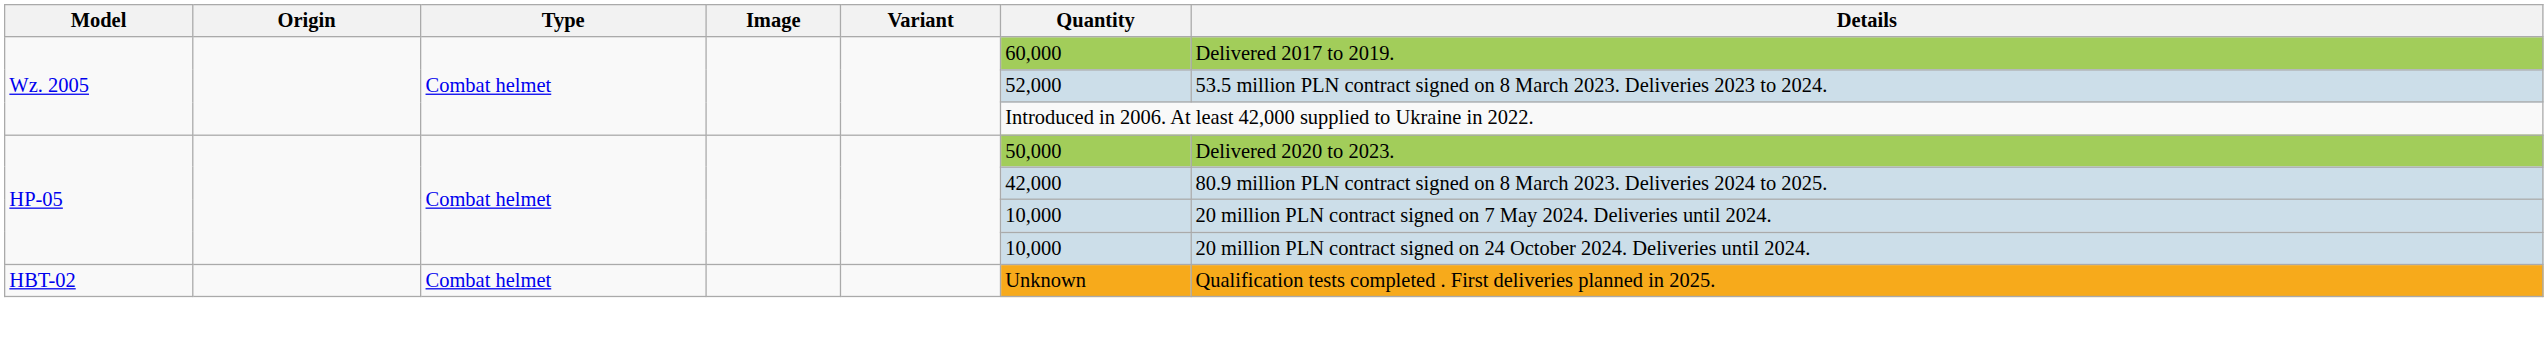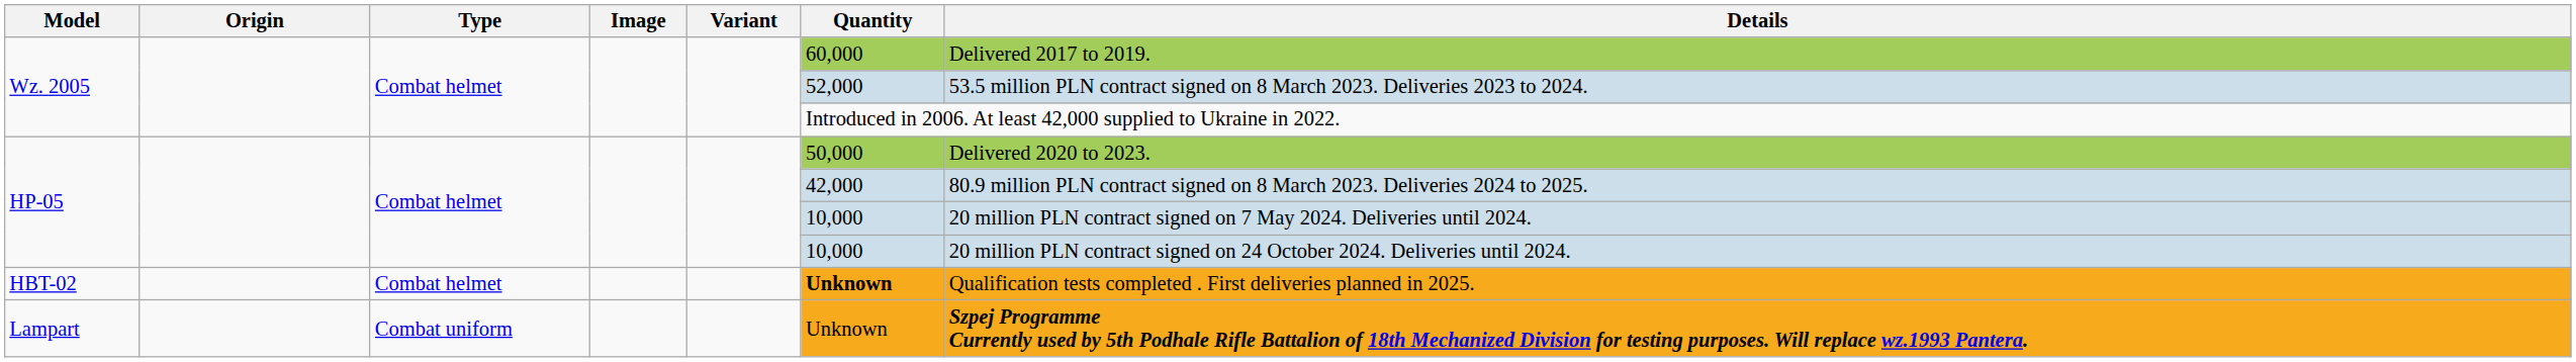 <table class="wikitable" width="100%">
 <tr>
 <th>Model</th>
 <th width="9%">Origin</th>
 <th>Type</th>
 <th>Image</th>
 <th>Variant</th>
 <th>Quantity</th>
 <th>Details</th>
 </tr>
 <tr>
 <td rowspan=3><a href='#'>Wz. 2005</a></td>
 <td rowspan=3></td>
 <td rowspan=3><a href='#'>Combat helmet</a></td>
 <td rowspan=3></td>
 <td rowspan=3></td>
 <td style="background:#a2cd5a">60,000</td>
 <td style="background:#a2cd5a">Delivered 2017 to 2019.</td>
 </tr>
 <tr>
 <td style="background:#ccdee9">52,000</td>
 <td style="background:#ccdee9">53.5 million PLN contract signed on 8 March 2023. Deliveries 2023 to 2024.</td>
 </tr>
 <tr>
 <td colspan=2>Introduced in 2006. At least 42,000 supplied to Ukraine in 2022.</td>
 </tr>
 <tr>
 <td rowspan=4><a href='#'>HP-05</a></td>
 <td rowspan=4></td>
 <td rowspan=4><a href='#'>Combat helmet</a></td>
 <td rowspan=4></td>
 <td rowspan=4></td>
 <td style="background:#a2cd5a">50,000</td>
 <td style="background:#a2cd5a">Delivered 2020 to 2023.</td>
 </tr>
 <tr>
 <td style="background:#ccdee9">42,000</td>
 <td style="background:#ccdee9">80.9 million PLN contract signed on 8 March 2023. Deliveries 2024 to 2025.</td>
 </tr>
 <tr>
 <td style="background:#ccdee9">10,000</td>
 <td style="background:#ccdee9">20 million PLN contract signed on 7 May 2024. Deliveries until 2024.</td>
 </tr>
 <tr>
 <td style="background:#ccdee9">10,000</td>
 <td style="background:#ccdee9">20 million PLN contract signed on 24 October 2024. Deliveries until 2024.</td>
 </tr>
 <tr>
 <td><a href='#'>HBT-02</a></td>
 <td></td>
 <td><a href='#'>Combat helmet</a></td>
 <td></td>
 <td></td>
-<td style="background:#f7aa1b">Unknown</td>
+<td style="background:#f7aa1b"><strong>Unknown</strong></td>
 <td style="background:#f7aa1b">Qualification tests completed . First deliveries planned in 2025.</td>
 </tr>
+<tr>
+<td><a href='#'>Lampart</a></td>
+<td></td>
+<td><a href='#'>Combat uniform</a></td>
+<td></td>
+<td></td>
+<td style="background:#f7aa1b">Unknown</td>
+<td style="background:#f7aa1b"><strong><em>Szpej<em> Programme<strong><br>Currently used by 5th Podhale Rifle Battalion of <a href='#'>18th Mechanized Division</a> for testing purposes. Will replace <a href='#'>wz.1993 Pantera</a>.</td>
+</tr>
 </table>
